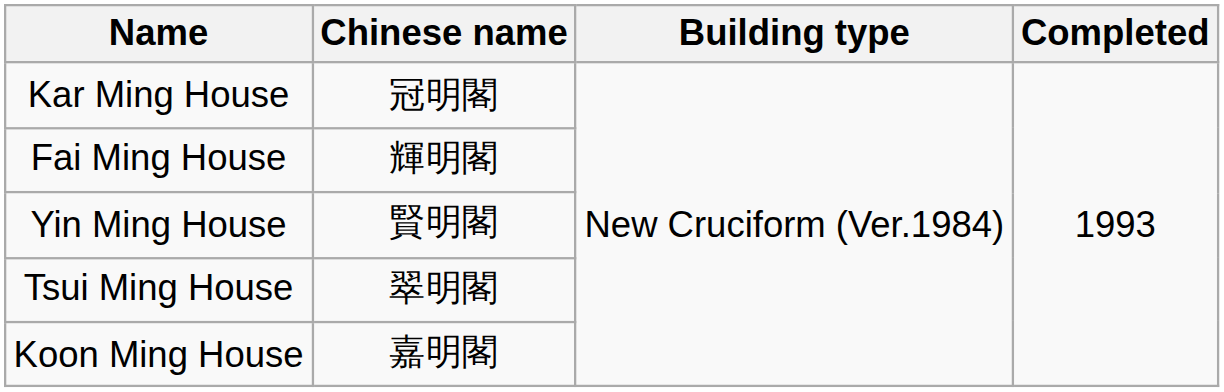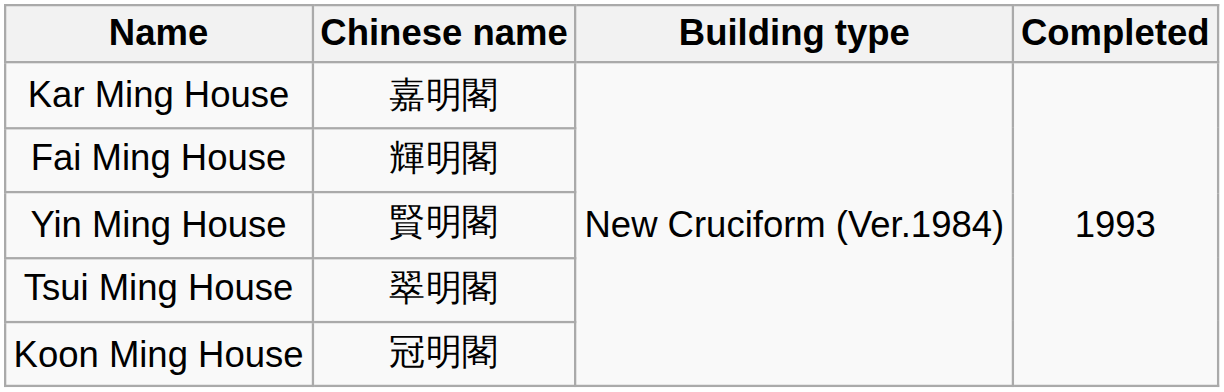 <table class="wikitable" style="text-align: center">
 <tr>
 <th>Name</th>
 <th>Chinese name</th>
 <th>Building type</th>
 <th>Completed</th>
 </tr>
 <tr>
 <td>Kar Ming House</td>
-<td>冠明閣</td>
+<td>嘉明閣</td>
 <td rowspan="5">New Cruciform (Ver.1984)</td>
 <td rowspan="5">1993</td>
 </tr>
 <tr>
 <td>Fai Ming House</td>
 <td>輝明閣</td>
 </tr>
 <tr>
 <td>Yin Ming House</td>
 <td>賢明閣</td>
 </tr>
 <tr>
 <td>Tsui Ming House</td>
 <td>翠明閣</td>
 </tr>
 <tr>
 <td>Koon Ming House</td>
-<td>嘉明閣</td>
+<td>冠明閣</td>
 </tr>
 </table>
